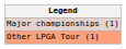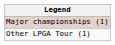 <table class="wikitable" style="font-size:95%;">
 <tr>
 <th>Legend</th>
 </tr>
 <tr style="background:#e5d1cb;">
 <td>Major championships (1)</td>
 </tr>
 <tr>
-<td style="background: lightsalmon;">Other LPGA Tour (1)</td>
+<td>Other LPGA Tour (1)</td>
 </tr>
 </table>
